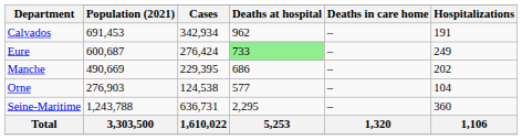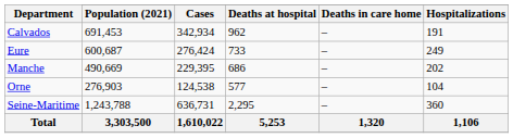 <table class="wikitable sortable">
 <tr>
 <th rowspan="2">Department</th>
 </tr>
 <tr>
 <th>Population (2021)</th>
 <th>Cases</th>
 <th>Deaths at hospital</th>
 <th>Deaths in care home</th>
 <th>Hospitalizations</th>
 </tr>
 <tr>
 <td><a href='#'>Calvados</a></td>
 <td>691,453</td>
 <td>342,934</td>
 <td>962</td>
 <td>–</td>
 <td>191</td>
 </tr>
 <tr>
 <td><a href='#'>Eure</a></td>
 <td>600,687</td>
 <td>276,424</td>
-<td style="background: lightgreen;">733</td>
+<td>733</td>
 <td>–</td>
 <td>249</td>
 </tr>
 <tr>
 <td><a href='#'>Manche</a></td>
 <td>490,669</td>
 <td>229,395</td>
 <td>686</td>
 <td>–</td>
 <td>202</td>
 </tr>
 <tr>
 <td><a href='#'>Orne</a></td>
 <td>276,903</td>
 <td>124,538</td>
 <td>577</td>
 <td>–</td>
 <td>104</td>
 </tr>
 <tr>
 <td><a href='#'>Seine-Maritime</a></td>
 <td>1,243,788</td>
 <td>636,731</td>
 <td>2,295</td>
 <td>–</td>
 <td>360</td>
 </tr>
 <tr>
 <th>Total</th>
 <th>3,303,500</th>
 <th>1,610,022</th>
 <th>5,253</th>
 <th>1,320</th>
 <th>1,106</th>
 </tr>
 <tr>
 </tr>
 </table>
